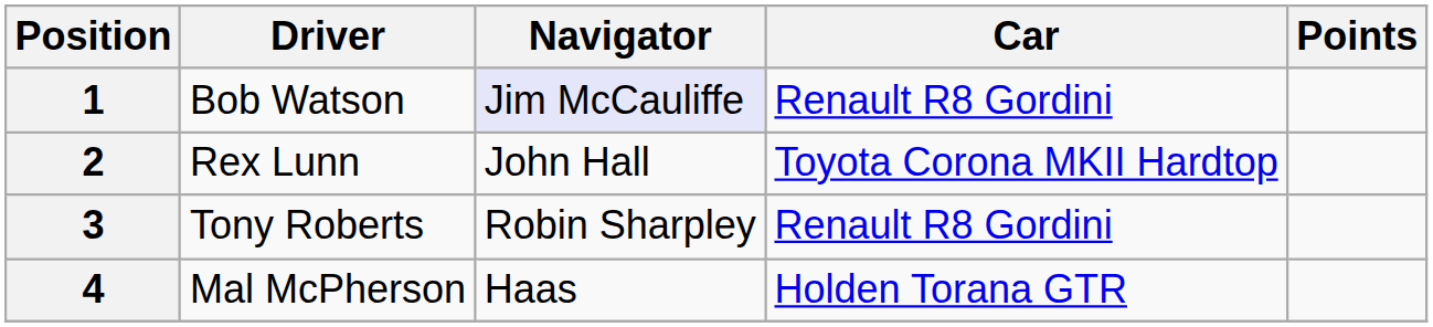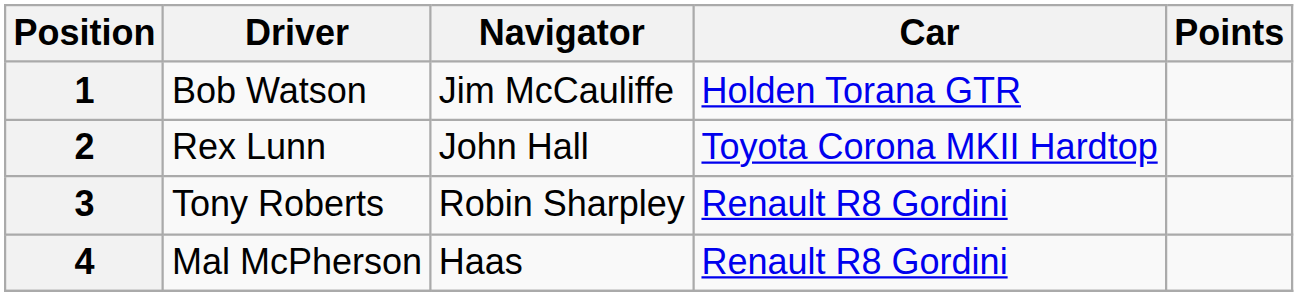 <table class="wikitable" border="1">
 <tr>
 <th>Position</th>
 <th>Driver</th>
 <th>Navigator</th>
 <th>Car</th>
 <th>Points</th>
 </tr>
 <tr>
 <th>1</th>
 <td>Bob Watson</td>
-<td style="background: lavender;">Jim McCauliffe</td>
-<td><a href='#'>Renault R8 Gordini</a></td>
+<td>Jim McCauliffe</td>
+<td><a href='#'>Holden Torana GTR</a></td>
 <td align="center"></td>
 </tr>
 <tr>
 <th>2</th>
 <td>Rex Lunn</td>
 <td>John Hall</td>
 <td><a href='#'>Toyota Corona MKII Hardtop</a></td>
 <td align="center"></td>
 </tr>
 <tr>
 <th>3</th>
 <td>Tony Roberts</td>
 <td>Robin Sharpley</td>
 <td><a href='#'>Renault R8 Gordini</a></td>
 <td align="center"></td>
 </tr>
 <tr>
 <th>4</th>
 <td>Mal McPherson</td>
 <td>Haas</td>
-<td><a href='#'>Holden Torana GTR</a></td>
+<td><a href='#'>Renault R8 Gordini</a></td>
 <td align="center"></td>
 </tr>
 <tr>
 </tr>
 </table>
